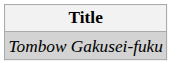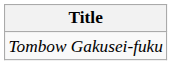 <table class="wikitable">
 <tr>
 <th>Title</th>
 </tr>
 <tr>
-<td style="background: lightgrey;"><em>Tombow Gakusei-fuku</em></td>
+<td><em>Tombow Gakusei-fuku</em></td>
 </tr>
 </table>
